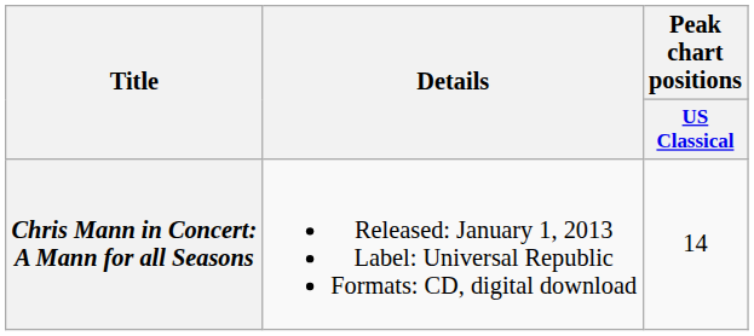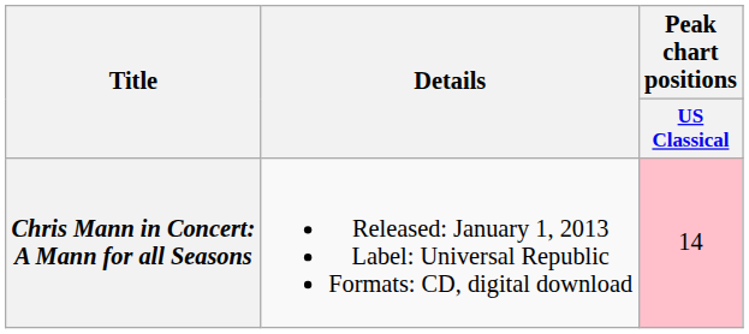 <table class="wikitable plainrowheaders" style="text-align:center;">
 <tr>
 <th rowspan="2" style="width:10em;">Title</th>
 <th rowspan="2" style="width:15em;">Details</th>
 <th colspan="1">Peak chart positions</th>
 </tr>
 <tr style="font-size:smaller;">
 <th width="35"><a href='#'>US<br>Classical</a><br></th>
 </tr>
 <tr>
 <th scope="row"><em>Chris Mann in Concert: A Mann for all Seasons</em></th>
 <td><br><ul><li>Released: January 1, 2013</li><li>Label: Universal Republic</li><li>Formats: CD, digital download</li></ul></td>
-<td>14</td>
+<td style="background: pink;">14</td>
 </tr>
 </table>
